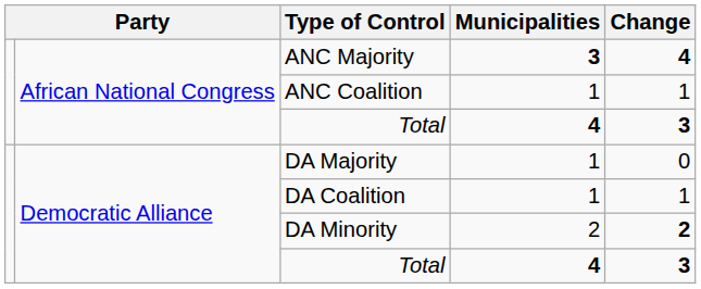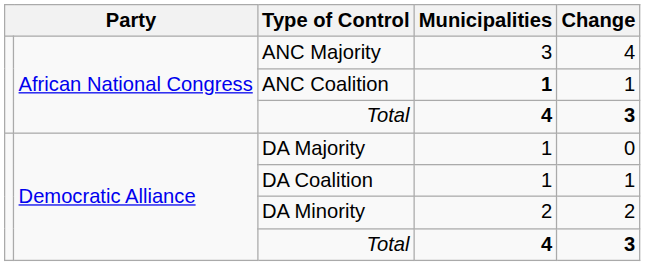 <table class=wikitable style=text-align:right>
 <tr>
 <th colspan=2>Party</th>
 <th>Type of Control</th>
 <th>Municipalities</th>
 <th>Change</th>
 </tr>
 <tr>
 <td rowspan="3" style="background:"></td>
 <td style="text-align:left;" rowspan="3"><a href='#'>African National Congress</a></td>
 <td align=left>ANC Majority</td>
-<td><strong>3</strong></td>
-<td><strong> 4</strong></td>
+<td>3</td>
+<td> 4</td>
 </tr>
 <tr>
 <td align=left>ANC Coalition</td>
-<td>1</td>
+<td><strong>1</strong></td>
 <td> 1</td>
 </tr>
 <tr>
 <td><em>Total</em></td>
 <td><strong>4</strong></td>
 <td> <strong>3</strong></td>
 </tr>
 <tr>
 <td rowspan="4" style="background:"></td>
 <td style="text-align:left;" rowspan="4"><a href='#'>Democratic Alliance</a></td>
 <td align=left>DA Majority</td>
 <td>1</td>
 <td> 0</td>
 </tr>
 <tr>
 <td align=left>DA Coalition</td>
 <td>1</td>
 <td> 1</td>
 </tr>
 <tr>
 <td align=left>DA Minority</td>
 <td>2</td>
-<td><strong> 2</strong></td>
+<td> 2</td>
 </tr>
 <tr>
 <td><em>Total</em></td>
 <td><strong>4</strong></td>
 <td> <strong>3</strong></td>
 </tr>
 </table>
